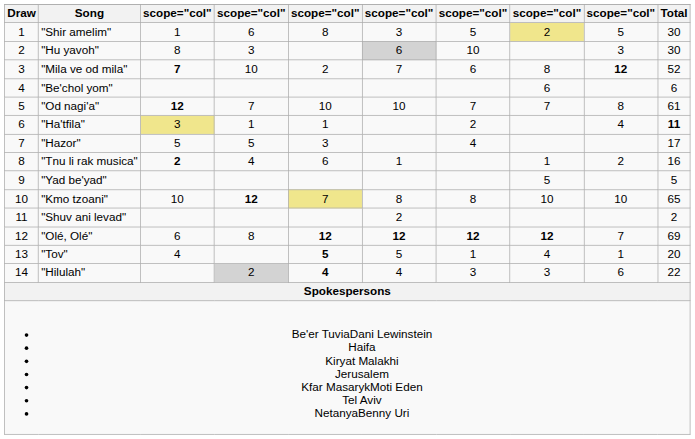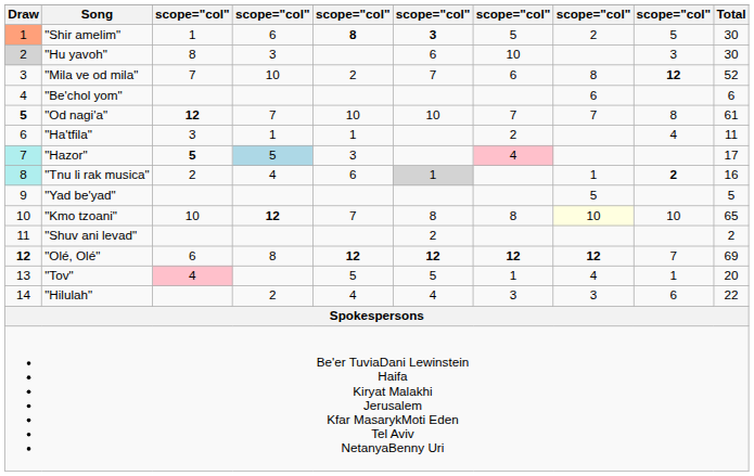 <table class="wikitable plainrowheaders" style="margin: 1em auto 1em auto; text-align:center;">
 <tr>
 </tr>
 <tr>
 <th scope="col">Draw</th>
 <th scope="col">Song</th>
 <th>scope="col" </th>
 <th>scope="col" </th>
 <th>scope="col" </th>
 <th>scope="col" </th>
 <th>scope="col" </th>
 <th>scope="col" </th>
 <th>scope="col" </th>
 <th scope="col">Total</th>
 </tr>
 <tr>
-<td>1</td>
+<td style="background: lightsalmon;">1</td>
 <td align="left">"Shir amelim"</td>
 <td style="text-align:center">1</td>
 <td style="text-align:center">6</td>
-<td style="text-align:center">8</td>
-<td style="text-align:center">3</td>
+<td style="text-align:center"><strong>8</strong></td>
+<td style="text-align:center"><strong>3</strong></td>
 <td style="text-align:center">5</td>
-<td style="background: khaki; text-align:center">2</td>
+<td style="text-align:center">2</td>
 <td style="text-align:center">5</td>
 <td style="text-align:center">30</td>
 </tr>
 <tr>
-<td>2</td>
+<td style="background: lightgrey;">2</td>
 <td align="left">"Hu yavoh"</td>
 <td style="text-align:center">8</td>
 <td style="text-align:center">3</td>
 <td style="text-align:center"></td>
-<td style="background: lightgrey; text-align:center">6</td>
+<td style="text-align:center">6</td>
 <td style="text-align:center">10</td>
 <td style="text-align:center"></td>
 <td style="text-align:center">3</td>
 <td style="text-align:center">30</td>
 </tr>
 <tr>
 <td>3</td>
 <td align="left">"Mila ve od mila"</td>
-<td style="text-align:center"><strong>7</strong></td>
+<td style="text-align:center">7</td>
 <td style="text-align:center">10</td>
 <td style="text-align:center">2</td>
 <td style="text-align:center">7</td>
 <td style="text-align:center">6</td>
 <td style="text-align:center">8</td>
 <td style="text-align:center"><strong>12</strong></td>
 <td style="text-align:center">52</td>
 </tr>
 <tr>
 <td>4</td>
 <td align="left">"Be'chol yom"</td>
 <td style="text-align:center"></td>
 <td style="text-align:center"></td>
 <td style="text-align:center"></td>
 <td style="text-align:center"></td>
 <td style="text-align:center"></td>
 <td style="text-align:center">6</td>
 <td style="text-align:center"></td>
 <td style="text-align:center">6</td>
 </tr>
 <tr>
-<td>5</td>
+<td><strong>5</strong></td>
 <td align="left">"Od nagi'a"</td>
 <td style="text-align:center"><strong>12</strong></td>
 <td style="text-align:center">7</td>
 <td style="text-align:center">10</td>
 <td style="text-align:center">10</td>
 <td style="text-align:center">7</td>
 <td style="text-align:center">7</td>
 <td style="text-align:center">8</td>
 <td style="text-align:center">61</td>
 </tr>
 <tr>
 <td>6</td>
 <td align="left">"Ha'tfila"</td>
-<td style="background: khaki; text-align:center">3</td>
+<td style="text-align:center">3</td>
 <td style="text-align:center">1</td>
 <td style="text-align:center">1</td>
 <td style="text-align:center"></td>
 <td style="text-align:center">2</td>
 <td style="text-align:center"></td>
 <td style="text-align:center">4</td>
-<td style="text-align:center"><strong>11</strong></td>
+<td style="text-align:center">11</td>
 </tr>
 <tr>
-<td>7</td>
+<td style="background: paleturquoise;">7</td>
 <td align="left">"Hazor"</td>
-<td style="text-align:center">5</td>
-<td style="text-align:center">5</td>
+<td style="text-align:center"><strong>5</strong></td>
+<td style="background: lightblue; text-align:center">5</td>
 <td style="text-align:center">3</td>
 <td style="text-align:center"></td>
-<td style="text-align:center">4</td>
+<td style="background: pink; text-align:center">4</td>
 <td style="text-align:center"></td>
 <td style="text-align:center"></td>
 <td style="text-align:center">17</td>
 </tr>
 <tr>
-<td>8</td>
+<td style="background: paleturquoise;">8</td>
 <td align="left">"Tnu li rak musica"</td>
-<td style="text-align:center"><strong>2</strong></td>
+<td style="text-align:center">2</td>
 <td style="text-align:center">4</td>
 <td style="text-align:center">6</td>
-<td style="text-align:center">1</td>
+<td style="background: lightgrey; text-align:center">1</td>
 <td style="text-align:center"></td>
 <td style="text-align:center">1</td>
-<td style="text-align:center">2</td>
+<td style="text-align:center"><strong>2</strong></td>
 <td style="text-align:center">16</td>
 </tr>
 <tr>
 <td>9</td>
 <td align="left">"Yad be'yad"</td>
 <td style="text-align:center"></td>
 <td style="text-align:center"></td>
 <td style="text-align:center"></td>
 <td style="text-align:center"></td>
 <td style="text-align:center"></td>
 <td style="text-align:center">5</td>
 <td style="text-align:center"></td>
 <td style="text-align:center">5</td>
 </tr>
 <tr>
 <td>10</td>
 <td align="left">"Kmo tzoani"</td>
 <td style="text-align:center">10</td>
 <td style="text-align:center"><strong>12</strong></td>
-<td style="background: khaki; text-align:center">7</td>
+<td style="text-align:center">7</td>
 <td style="text-align:center">8</td>
 <td style="text-align:center">8</td>
-<td style="text-align:center">10</td>
+<td style="background: lightyellow; text-align:center">10</td>
 <td style="text-align:center">10</td>
 <td style="text-align:center">65</td>
 </tr>
 <tr>
 <td>11</td>
 <td align="left">"Shuv ani levad"</td>
 <td style="text-align:center"></td>
 <td style="text-align:center"></td>
 <td style="text-align:center"></td>
 <td style="text-align:center">2</td>
 <td style="text-align:center"></td>
 <td style="text-align:center"></td>
 <td style="text-align:center"></td>
 <td style="text-align:center">2</td>
 </tr>
 <tr>
-<td>12</td>
+<td><strong>12</strong></td>
 <td align="left">"Olé, Olé"</td>
 <td style="text-align:center">6</td>
 <td style="text-align:center">8</td>
 <td style="text-align:center"><strong>12</strong></td>
 <td style="text-align:center"><strong>12</strong></td>
 <td style="text-align:center"><strong>12</strong></td>
 <td style="text-align:center"><strong>12</strong></td>
 <td style="text-align:center">7</td>
 <td style="text-align:center">69</td>
 </tr>
 <tr>
 <td>13</td>
 <td align="left">"Tov"</td>
-<td style="text-align:center">4</td>
+<td style="background: pink; text-align:center">4</td>
 <td style="text-align:center"></td>
-<td style="text-align:center"><strong>5</strong></td>
+<td style="text-align:center">5</td>
 <td style="text-align:center">5</td>
 <td style="text-align:center">1</td>
 <td style="text-align:center">4</td>
 <td style="text-align:center">1</td>
 <td style="text-align:center">20</td>
 </tr>
 <tr>
 <td>14</td>
 <td align="left">"Hilulah"</td>
 <td style="text-align:center"></td>
-<td style="background: lightgrey; text-align:center">2</td>
-<td style="text-align:center"><strong>4</strong></td>
+<td style="text-align:center">2</td>
+<td style="text-align:center">4</td>
 <td style="text-align:center">4</td>
 <td style="text-align:center">3</td>
 <td style="text-align:center">3</td>
 <td style="text-align:center">6</td>
 <td style="text-align:center">22</td>
 </tr>
 <tr>
 <th colspan="10">Spokespersons</th>
 </tr>
 <tr>
 <td colspan="10"><br><ul><li>Be'er TuviaDani Lewinstein</li><li>Haifa</li><li>Kiryat Malakhi</li><li>Jerusalem</li><li>Kfar MasarykMoti Eden</li><li>Tel Aviv</li><li>NetanyaBenny Uri</li></ul></td>
 </tr>
 </table>
